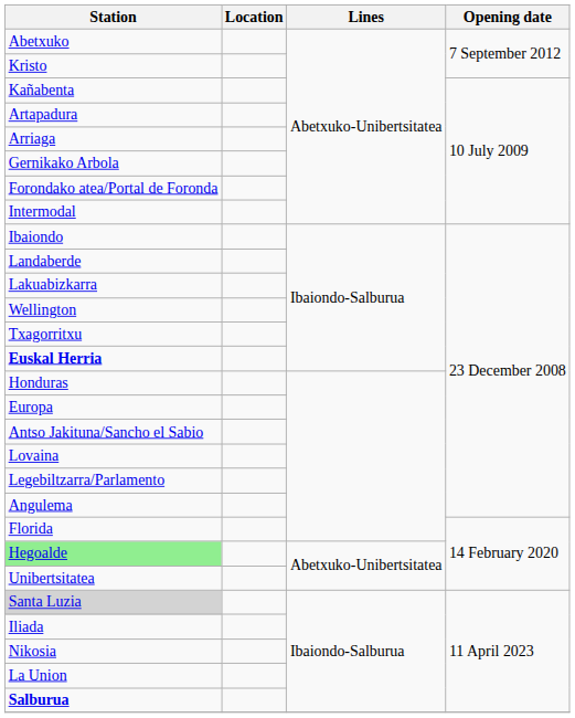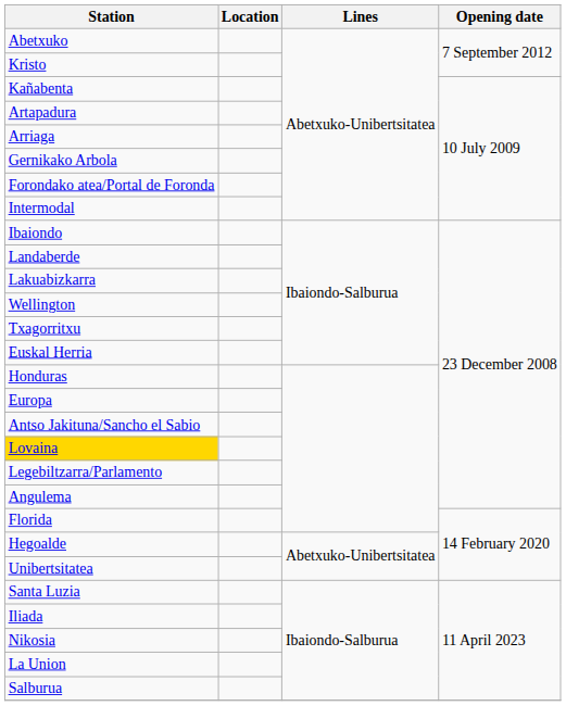 <table class="wikitable">
 <tr>
 <th>Station</th>
 <th>Location</th>
 <th>Lines</th>
 <th>Opening date</th>
 </tr>
 <tr>
 <td><a href='#'>Abetxuko</a></td>
 <td></td>
 <td rowspan=8>Abetxuko-Unibertsitatea</td>
 <td rowspan=2>7 September 2012</td>
 </tr>
 <tr>
 <td><a href='#'>Kristo</a></td>
 <td></td>
 </tr>
 <tr>
 <td><a href='#'>Kañabenta</a></td>
 <td></td>
 <td rowspan=6>10 July 2009</td>
 </tr>
 <tr>
 <td><a href='#'>Artapadura</a></td>
 <td></td>
 </tr>
 <tr>
 <td><a href='#'>Arriaga</a></td>
 <td></td>
 </tr>
 <tr>
 <td><a href='#'>Gernikako Arbola</a></td>
 <td></td>
 </tr>
 <tr>
 <td><a href='#'>Forondako atea/Portal de Foronda</a></td>
 <td></td>
 </tr>
 <tr>
 <td><a href='#'>Intermodal</a></td>
 <td></td>
 </tr>
 <tr>
 <td><a href='#'>Ibaiondo</a></td>
 <td></td>
 <td rowspan=6>Ibaiondo-Salburua</td>
 <td rowspan=12>23 December 2008</td>
 </tr>
 <tr>
 <td><a href='#'>Landaberde</a></td>
 <td></td>
 </tr>
 <tr>
 <td><a href='#'>Lakuabizkarra</a></td>
 <td></td>
 </tr>
 <tr>
 <td><a href='#'>Wellington</a></td>
 <td></td>
 </tr>
 <tr>
 <td><a href='#'>Txagorritxu</a></td>
 <td></td>
 </tr>
 <tr>
-<td><strong><a href='#'>Euskal Herria</a></strong></td>
+<td><a href='#'>Euskal Herria</a></td>
 <td></td>
 </tr>
 <tr>
 <td><a href='#'>Honduras</a></td>
 <td></td>
 <td rowspan=7></td>
 </tr>
 <tr>
 <td><a href='#'>Europa</a></td>
 <td></td>
 </tr>
 <tr>
 <td><a href='#'>Antso Jakituna/Sancho el Sabio</a></td>
 <td></td>
 </tr>
 <tr>
-<td><a href='#'>Lovaina</a></td>
+<td style="background: gold;"><a href='#'>Lovaina</a></td>
 <td></td>
 </tr>
 <tr>
 <td><a href='#'>Legebiltzarra/Parlamento</a></td>
 <td></td>
 </tr>
 <tr>
 <td><a href='#'>Angulema</a></td>
 <td></td>
 </tr>
 <tr>
 <td><a href='#'>Florida</a></td>
 <td></td>
 <td rowspan=3>14 February 2020</td>
 </tr>
 <tr>
-<td style="background: lightgreen;"><a href='#'>Hegoalde</a></td>
+<td><a href='#'>Hegoalde</a></td>
 <td></td>
 <td rowspan=2>Abetxuko-Unibertsitatea</td>
 </tr>
 <tr>
 <td><a href='#'>Unibertsitatea</a></td>
 <td></td>
 </tr>
 <tr>
-<td style="background: lightgrey;"><a href='#'>Santa Luzia</a></td>
+<td><a href='#'>Santa Luzia</a></td>
 <td></td>
 <td rowspan=5>Ibaiondo-Salburua</td>
 <td rowspan=5>11 April 2023</td>
 </tr>
 <tr>
 <td><a href='#'>Iliada</a></td>
 <td></td>
 </tr>
 <tr>
 <td><a href='#'>Nikosia</a></td>
 <td></td>
 </tr>
 <tr>
 <td><a href='#'>La Union</a></td>
 <td></td>
 </tr>
 <tr>
-<td><strong><a href='#'>Salburua</a></strong></td>
+<td><a href='#'>Salburua</a></td>
 <td></td>
 </tr>
 <tr>
 </tr>
 </table>
